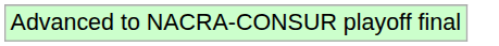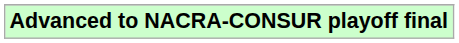 <table class="wikitable">
 <tr>
 </tr>
 <tr width=10px bgcolor="#ccffcc">
-<td>Advanced to NACRA-CONSUR playoff final</td>
+<td><strong>Advanced to NACRA-CONSUR playoff final</strong></td>
 </tr>
 </table>
